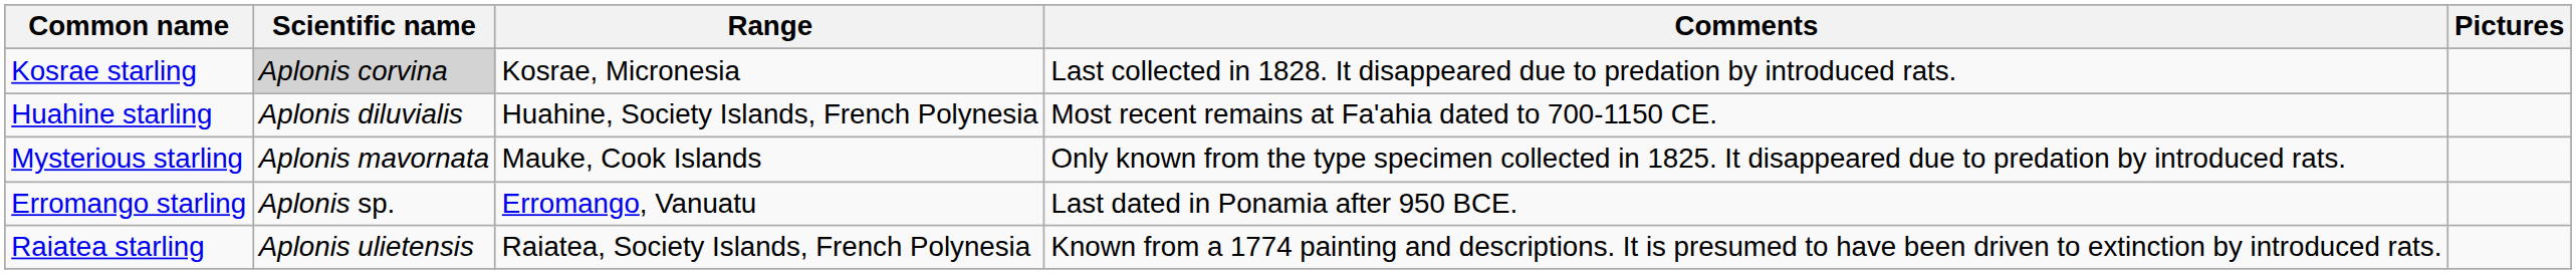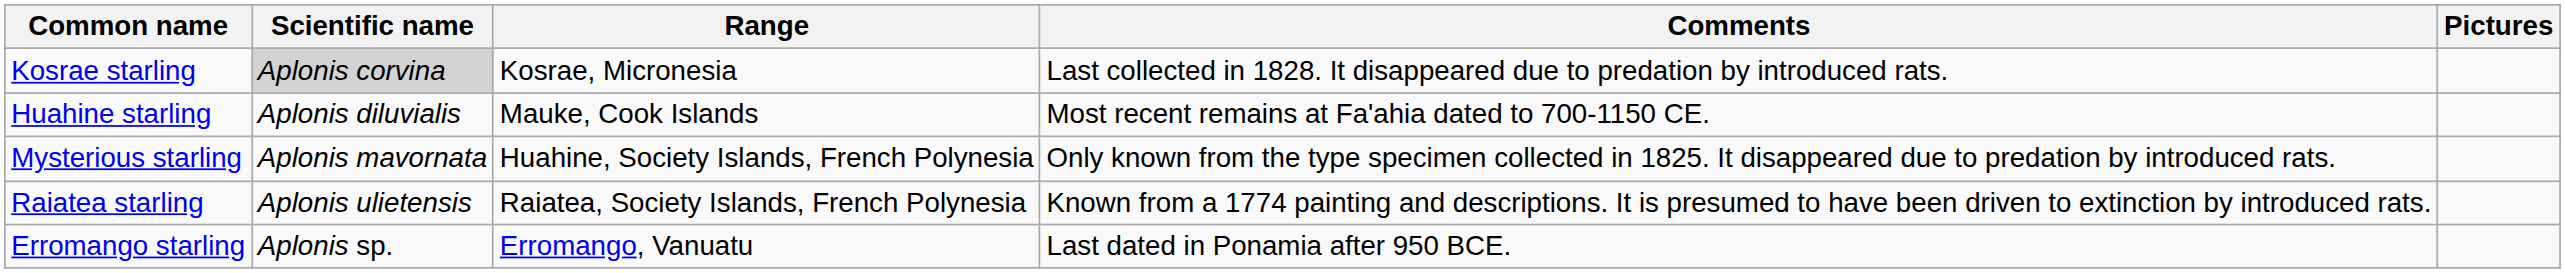 <table class="wikitable">
 <tr>
 <th>Common name</th>
 <th>Scientific name</th>
 <th>Range</th>
 <th class="unsortable">Comments</th>
 <th class="unsortable">Pictures</th>
 </tr>
 <tr>
 <td><a href='#'>Kosrae starling</a></td>
 <td style="background: lightgrey;"><em>Aplonis corvina</em></td>
 <td>Kosrae, Micronesia</td>
 <td>Last collected in 1828. It disappeared due to predation by introduced rats.</td>
 <td></td>
 </tr>
 <tr>
 <td><a href='#'>Huahine starling</a></td>
 <td><em>Aplonis diluvialis</em></td>
-<td>Huahine, Society Islands, French Polynesia</td>
+<td>Mauke, Cook Islands</td>
 <td>Most recent remains at Fa'ahia dated to 700-1150 CE.</td>
 </tr>
 <tr>
 <td><a href='#'>Mysterious starling</a></td>
 <td><em>Aplonis mavornata</em></td>
-<td>Mauke, Cook Islands</td>
+<td>Huahine, Society Islands, French Polynesia</td>
 <td>Only known from the type specimen collected in 1825. It disappeared due to predation by introduced rats.</td>
+<td></td>
+</tr>
+<tr>
+<td><a href='#'>Raiatea starling</a></td>
+<td><em>Aplonis ulietensis</em></td>
+<td>Raiatea, Society Islands, French Polynesia</td>
+<td>Known from a 1774 painting and descriptions. It is presumed to have been driven to extinction by introduced rats.</td>
 <td></td>
 </tr>
 <tr>
 <td><a href='#'>Erromango starling</a></td>
 <td><em>Aplonis</em> sp.</td>
 <td><a href='#'>Erromango</a>, Vanuatu</td>
 <td>Last dated in Ponamia after 950 BCE.</td>
 <td></td>
 </tr>
-<tr>
-<td><a href='#'>Raiatea starling</a></td>
-<td><em>Aplonis ulietensis</em></td>
-<td>Raiatea, Society Islands, French Polynesia</td>
-<td>Known from a 1774 painting and descriptions. It is presumed to have been driven to extinction by introduced rats.</td>
-<td></td>
-</tr>
 </table>
